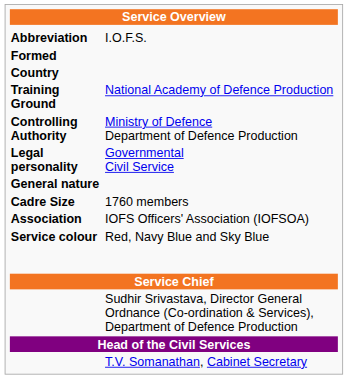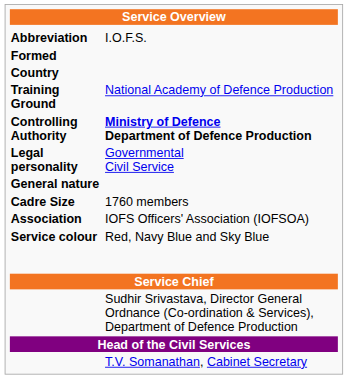 <table class="infobox" style="font-size: 90%; text-align: left; width: 27em">
 <tr>
 <th cellpadding="1" colspan="12" style="background:#F37421; color:#fff; text-align:center;">Service Overview</th>
 </tr>
 <tr>
 <td colspan=2 style="text-align: center"></td>
 </tr>
 <tr>
 <td><strong>Abbreviation</strong></td>
 <td>I.O.F.S.</td>
 </tr>
 <tr>
 <td><strong>Formed</strong></td>
 <td></td>
 </tr>
 <tr>
 <td><strong>Country</strong></td>
 <td></td>
 </tr>
 <tr>
 <td><strong>Training Ground</strong></td>
 <td><a href='#'>National Academy of Defence Production</a></td>
 </tr>
 <tr>
 <td><strong>Controlling Authority</strong></td>
-<td><a href='#'>Ministry of Defence</a><br> Department of Defence Production</td>
+<td><strong><a href='#'>Ministry of Defence</a><br> Department of Defence Production</strong></td>
 </tr>
 <tr>
 <td><strong>Legal personality</strong></td>
 <td><a href='#'>Governmental</a><br><a href='#'>Civil Service</a></td>
 </tr>
 <tr>
 <td><strong>General nature</strong></td>
 <td></td>
 </tr>
 <tr>
 <td><strong>Cadre Size</strong></td>
 <td>1760 members</td>
 </tr>
 <tr>
 <td><strong>Association</strong></td>
 <td>IOFS Officers' Association (IOFSOA)</td>
 </tr>
 <tr>
 <td><strong>Service colour</strong></td>
 <td>Red, Navy Blue and Sky Blue <br> <br>  <br> </td>
 </tr>
 <tr>
 <th cellpadding="1" colspan="12" style="background:#F37421; color:#fff; text-align:center;">Service Chief</th>
 </tr>
 <tr>
 <td></td>
 <td>Sudhir Srivastava, Director General Ordnance (Co-ordination & Services), Department of Defence Production</td>
 </tr>
 <tr>
 <th cellpadding="1" colspan="12" style="background:purple; color:#fff; text-align:center;">Head of the Civil Services</th>
 </tr>
 <tr>
 <td></td>
 <td><a href='#'>T.V. Somanathan</a>, <a href='#'>Cabinet Secretary</a></td>
 </tr>
 </table>
